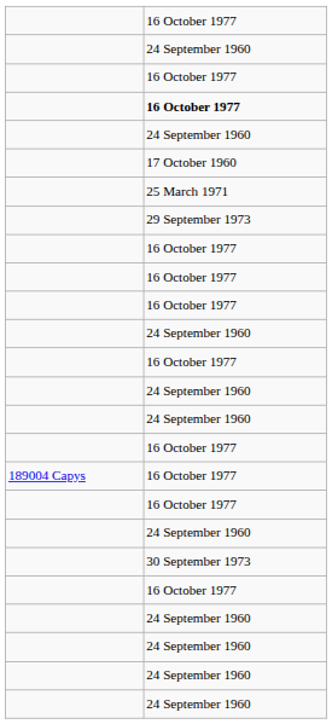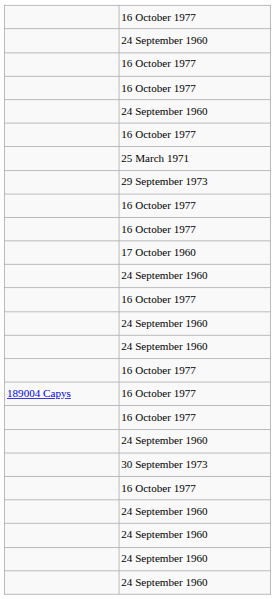 <table class="wikitable" style="font-size: 89%; float: left; width: 24em; margin-right: 1em; line-height: 1.65em">
 <tr>
 <td></td>
 <td>16 October 1977</td>
 </tr>
 <tr>
 <td></td>
 <td>24 September 1960</td>
 </tr>
 <tr>
 <td></td>
 <td>16 October 1977</td>
 </tr>
 <tr>
 <td></td>
-<td><strong>16 October 1977</strong></td>
+<td>16 October 1977</td>
 </tr>
 <tr>
 <td></td>
 <td>24 September 1960</td>
 </tr>
 <tr>
 <td></td>
-<td>17 October 1960</td>
+<td>16 October 1977</td>
 </tr>
 <tr>
 <td></td>
 <td>25 March 1971</td>
 </tr>
 <tr>
 <td></td>
 <td>29 September 1973</td>
 </tr>
 <tr>
 <td></td>
 <td>16 October 1977</td>
 </tr>
 <tr>
 <td></td>
 <td>16 October 1977</td>
 </tr>
 <tr>
 <td></td>
-<td>16 October 1977</td>
+<td>17 October 1960</td>
 </tr>
 <tr>
 <td></td>
 <td>24 September 1960</td>
 </tr>
 <tr>
 <td></td>
 <td>16 October 1977</td>
 </tr>
 <tr>
 <td></td>
 <td>24 September 1960</td>
 </tr>
 <tr>
 <td></td>
 <td>24 September 1960</td>
 </tr>
 <tr>
 <td></td>
 <td>16 October 1977</td>
 </tr>
 <tr>
 <td><a href='#'>189004 Capys</a></td>
 <td>16 October 1977</td>
 </tr>
 <tr>
 <td></td>
 <td>16 October 1977</td>
 </tr>
 <tr>
 <td></td>
 <td>24 September 1960</td>
 </tr>
 <tr>
 <td></td>
 <td>30 September 1973</td>
 </tr>
 <tr>
 <td></td>
 <td>16 October 1977</td>
 </tr>
 <tr>
 <td></td>
 <td>24 September 1960</td>
 </tr>
 <tr>
 <td></td>
 <td>24 September 1960</td>
 </tr>
 <tr>
 <td></td>
 <td>24 September 1960</td>
 </tr>
 <tr>
 <td></td>
 <td>24 September 1960</td>
 </tr>
 </table>
